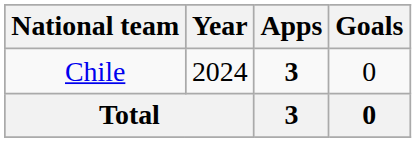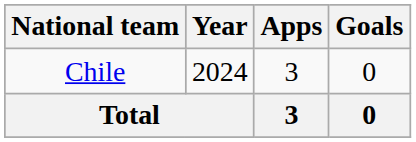 <table class=wikitable style=text-align:center>
 <tr>
 <th>National team</th>
 <th>Year</th>
 <th>Apps</th>
 <th>Goals</th>
 </tr>
 <tr>
 <td rowspan="1"><a href='#'>Chile</a></td>
 <td>2024</td>
-<td><strong>3</strong></td>
+<td>3</td>
 <td>0</td>
 </tr>
 <tr>
 <th colspan="2">Total</th>
 <th>3</th>
 <th>0</th>
 </tr>
 </table>
